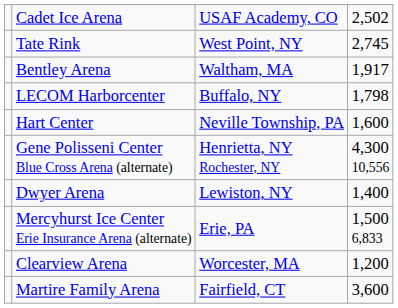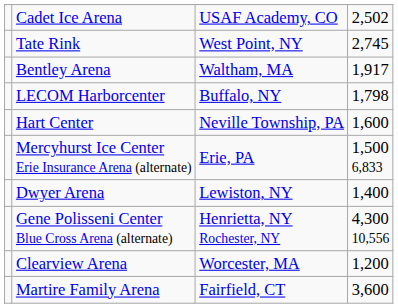 <table class="wikitable sortable">
 <tr>
 </tr>
 <tr>
 <td><a href='#'></a></td>
 <td><a href='#'>Cadet Ice Arena</a></td>
 <td><a href='#'>USAF Academy, CO</a></td>
 <td>2,502</td>
 </tr>
 <tr>
 <td><a href='#'></a></td>
 <td><a href='#'>Tate Rink</a></td>
 <td><a href='#'>West Point, NY</a></td>
 <td>2,745</td>
 </tr>
 <tr>
 <td><a href='#'></a></td>
 <td><a href='#'>Bentley Arena</a></td>
 <td><a href='#'>Waltham, MA</a></td>
 <td>1,917</td>
 </tr>
 <tr>
 <td><a href='#'></a></td>
 <td><a href='#'>LECOM Harborcenter</a></td>
 <td><a href='#'>Buffalo, NY</a></td>
 <td>1,798</td>
 </tr>
 <tr>
 <td><a href='#'></a></td>
 <td><a href='#'>Hart Center</a></td>
 <td><a href='#'>Neville Township, PA</a></td>
 <td>1,600</td>
 </tr>
 <tr>
 <td><a href='#'></a></td>
-<td><a href='#'>Gene Polisseni Center</a><br><small><a href='#'>Blue Cross Arena</a> (alternate)</small></td>
-<td><a href='#'>Henrietta, NY</a><br><small><a href='#'>Rochester, NY</a></small></td>
-<td>4,300<br><small>10,556</small></td>
+<td><a href='#'>Mercyhurst Ice Center</a><br><small><a href='#'>Erie Insurance Arena</a> (alternate)</small></td>
+<td><a href='#'>Erie, PA</a></td>
+<td>1,500<br><small>6,833</small></td>
 </tr>
 <tr>
 <td><a href='#'></a></td>
 <td><a href='#'>Dwyer Arena</a></td>
 <td><a href='#'>Lewiston, NY</a></td>
 <td>1,400</td>
 </tr>
 <tr>
 <td><a href='#'></a></td>
-<td><a href='#'>Mercyhurst Ice Center</a><br><small><a href='#'>Erie Insurance Arena</a> (alternate)</small></td>
-<td><a href='#'>Erie, PA</a></td>
-<td>1,500<br><small>6,833</small></td>
+<td><a href='#'>Gene Polisseni Center</a><br><small><a href='#'>Blue Cross Arena</a> (alternate)</small></td>
+<td><a href='#'>Henrietta, NY</a><br><small><a href='#'>Rochester, NY</a></small></td>
+<td>4,300<br><small>10,556</small></td>
 </tr>
 <tr>
 <td><a href='#'></a></td>
 <td><a href='#'>Clearview Arena</a></td>
 <td><a href='#'>Worcester, MA</a></td>
 <td>1,200</td>
 </tr>
 <tr>
 <td><a href='#'></a></td>
 <td><a href='#'>Martire Family Arena</a></td>
 <td><a href='#'>Fairfield, CT</a></td>
 <td>3,600</td>
 </tr>
 </table>
